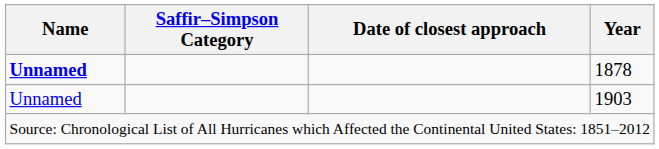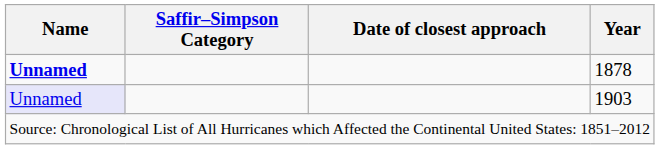 <table class = "wikitable" style="margin:1em auto;">
 <tr>
 <th>Name</th>
 <th><a href='#'>Saffir–Simpson</a><br>Category</th>
 <th>Date of closest approach</th>
 <th>Year</th>
 </tr>
 <tr>
 <td><strong><a href='#'>Unnamed</a></strong></td>
 <td></td>
 <td></td>
 <td>1878</td>
 </tr>
 <tr>
-<td><a href='#'>Unnamed</a></td>
+<td style="background: lavender;"><a href='#'>Unnamed</a></td>
 <td></td>
 <td></td>
 <td>1903</td>
 </tr>
 <tr>
 <td colspan="9"><small>Source: Chronological List of All Hurricanes which Affected the Continental United States: 1851–2012</small></td>
 </tr>
 </table>
